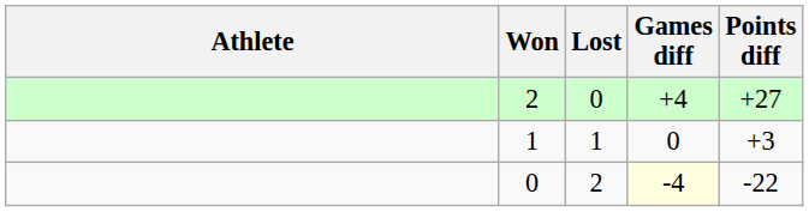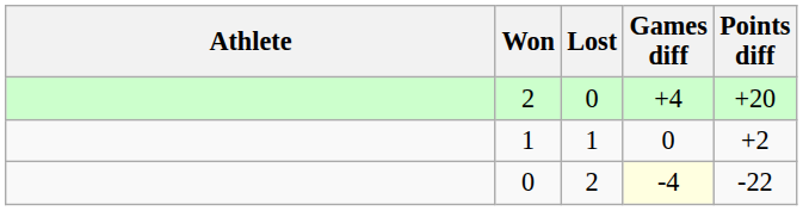 <table class="wikitable">
 <tr>
 <th style="width:18em">Athlete</th>
 <th>Won</th>
 <th>Lost</th>
 <th>Games<br>diff</th>
 <th>Points<br>diff</th>
 </tr>
 <tr bgcolor=ccffcc>
 <td></td>
 <td align="center">2</td>
 <td align="center">0</td>
 <td align="center">+4</td>
-<td align="center">+27</td>
+<td align="center">+20</td>
 </tr>
 <tr>
 <td></td>
 <td align="center">1</td>
 <td align="center">1</td>
 <td align="center">0</td>
-<td align="center">+3</td>
+<td align="center">+2</td>
 </tr>
 <tr>
 <td></td>
 <td align="center">0</td>
 <td align="center">2</td>
 <td align="center" style="background: lightyellow;">-4</td>
 <td align="center">-22</td>
 </tr>
 </table>
